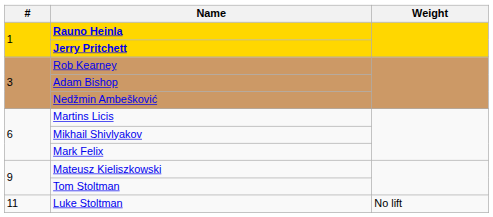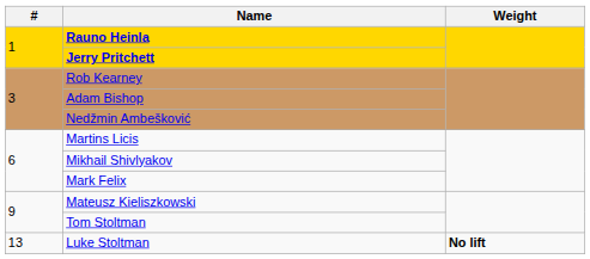 <table class="wikitable" style="display: inline-table;width: 45%;">
 <tr>
 <th>#</th>
 <th>Name</th>
 <th>Weight</th>
 </tr>
 <tr style="background:gold;">
 <td rowspan="2">1</td>
 <td> <strong><a href='#'>Rauno Heinla</a></strong></td>
 <td rowspan="2"></td>
 </tr>
 <tr style="background:gold;">
 <td> <strong><a href='#'>Jerry Pritchett</a></strong></td>
 </tr>
 <tr style="background:#c96;">
 <td rowspan="3">3</td>
 <td> <a href='#'>Rob Kearney</a></td>
 <td rowspan="3"></td>
 </tr>
 <tr style="background:#c96;">
 <td> <a href='#'>Adam Bishop</a></td>
 </tr>
 <tr style="background:#c96;">
 <td> <a href='#'>Nedžmin Ambešković</a></td>
 </tr>
 <tr>
 <td rowspan="3">6</td>
 <td> <a href='#'>Martins Licis</a></td>
 <td rowspan="3"></td>
 </tr>
 <tr>
 <td> <a href='#'>Mikhail Shivlyakov</a></td>
 </tr>
 <tr>
 <td> <a href='#'>Mark Felix</a></td>
 </tr>
 <tr>
 <td rowspan="2">9</td>
 <td> <a href='#'>Mateusz Kieliszkowski</a></td>
 <td rowspan="2"></td>
 </tr>
 <tr>
 <td> <a href='#'>Tom Stoltman</a></td>
 </tr>
 <tr>
-<td>11</td>
+<td>13</td>
 <td> <a href='#'>Luke Stoltman</a></td>
-<td>No lift</td>
+<td><strong>No lift</strong></td>
 </tr>
 </table>
